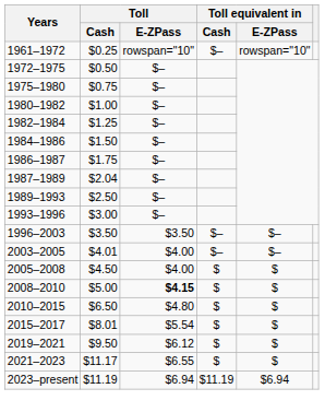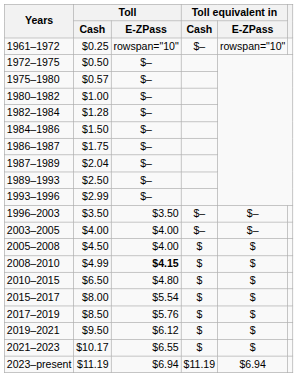 <table class="wikitable sortable">
 <tr>
 <th rowspan="2" scope="col">Years</th>
 <th colspan="2" scope="col">Toll</th>
 <th colspan="2" scope="col">Toll equivalent in </th>
 <th rowspan="2" class="unsortable"></th>
 </tr>
 <tr>
 <th>Cash</th>
 <th>E-ZPass</th>
 <th>Cash</th>
 <th>E-ZPass</th>
 </tr>
 <tr>
 <td>1961–1972</td>
 <td align="right">$0.25</td>
 <td>rowspan="10" </td>
 <td align="center">$–</td>
 <td>rowspan="10" </td>
 <td></td>
 </tr>
 <tr>
 <td>1972–1975</td>
 <td align="right">$0.50</td>
 <td align="center">$–</td>
 <td></td>
 </tr>
 <tr>
 <td>1975–1980</td>
-<td align="right">$0.75</td>
+<td align="right">$0.57</td>
 <td align="center">$–</td>
 <td></td>
 </tr>
 <tr>
 <td>1980–1982</td>
 <td align="right">$1.00</td>
 <td align="center">$–</td>
 <td></td>
 </tr>
 <tr>
 <td>1982–1984</td>
-<td align="right">$1.25</td>
+<td align="right">$1.28</td>
 <td align="center">$–</td>
 <td></td>
 </tr>
 <tr>
 <td>1984–1986</td>
 <td align="right">$1.50</td>
 <td align="center">$–</td>
 <td></td>
 </tr>
 <tr>
 <td>1986–1987</td>
 <td align="right">$1.75</td>
 <td align="center">$–</td>
 <td></td>
 </tr>
 <tr>
 <td>1987–1989</td>
 <td align="right">$2.04</td>
 <td align="center">$–</td>
 <td></td>
 </tr>
 <tr>
 <td>1989–1993</td>
 <td align="right">$2.50</td>
 <td align="center">$–</td>
 <td></td>
 </tr>
 <tr>
 <td>1993–1996</td>
-<td align="right">$3.00</td>
+<td align="right">$2.99</td>
 <td align="center">$–</td>
 <td></td>
 </tr>
 <tr>
 <td>1996–2003</td>
 <td align="right">$3.50</td>
 <td align="right">$3.50</td>
 <td align="center">$–</td>
 <td align="center">$–</td>
 <td></td>
 </tr>
 <tr>
 <td>2003–2005</td>
-<td align="right">$4.01</td>
+<td align="right">$4.00</td>
 <td align="right">$4.00</td>
 <td align="center">$–</td>
 <td align="center">$–</td>
 <td></td>
 </tr>
 <tr>
 <td>2005–2008</td>
 <td align="right">$4.50</td>
 <td align="right">$4.00</td>
 <td align="center">$</td>
 <td align="center">$</td>
 <td></td>
 </tr>
 <tr>
 <td>2008–2010</td>
-<td align="right">$5.00</td>
+<td align="right">$4.99</td>
 <td align="right"><strong>$4.15</strong></td>
 <td align="center">$</td>
 <td align="center">$</td>
 <td></td>
 </tr>
 <tr>
 <td>2010–2015</td>
 <td align="right">$6.50</td>
 <td align="right">$4.80</td>
 <td align="center">$</td>
 <td align="center">$</td>
 <td></td>
 </tr>
 <tr>
 <td>2015–2017</td>
-<td align="right">$8.01</td>
+<td align="right">$8.00</td>
 <td align="right">$5.54</td>
+<td align="center">$</td>
+<td align="center">$</td>
+<td></td>
+</tr>
+<tr>
+<td>2017–2019</td>
+<td align="right">$8.50</td>
+<td align="right">$5.76</td>
 <td align="center">$</td>
 <td align="center">$</td>
 <td></td>
 </tr>
 <tr>
 <td>2019–2021</td>
 <td align="right">$9.50</td>
 <td align="right">$6.12</td>
 <td align="center">$</td>
 <td align="center">$</td>
 <td></td>
 </tr>
 <tr>
 <td>2021–2023</td>
-<td align="right">$11.17</td>
+<td align="right">$10.17</td>
 <td align="right">$6.55</td>
 <td align="center">$</td>
 <td align="center">$</td>
 <td></td>
 </tr>
 <tr>
 <td>2023–present</td>
 <td align="right">$11.19</td>
 <td align="right">$6.94</td>
 <td align="center">$11.19</td>
 <td align="center">$6.94</td>
 <td></td>
 </tr>
 </table>
